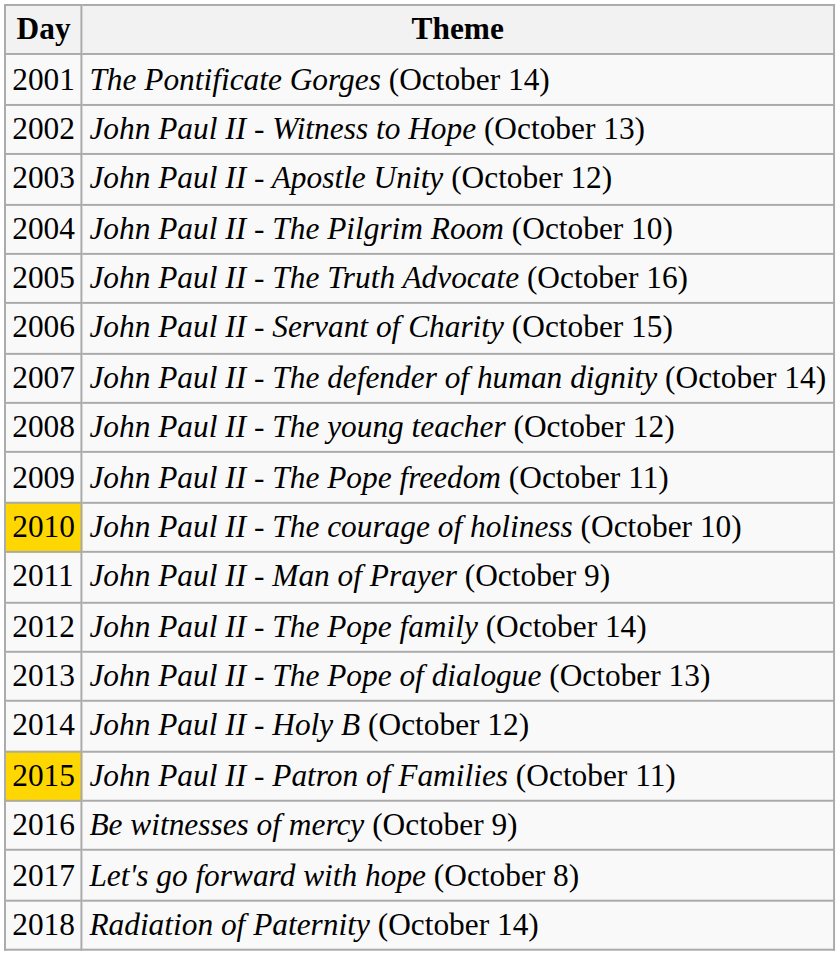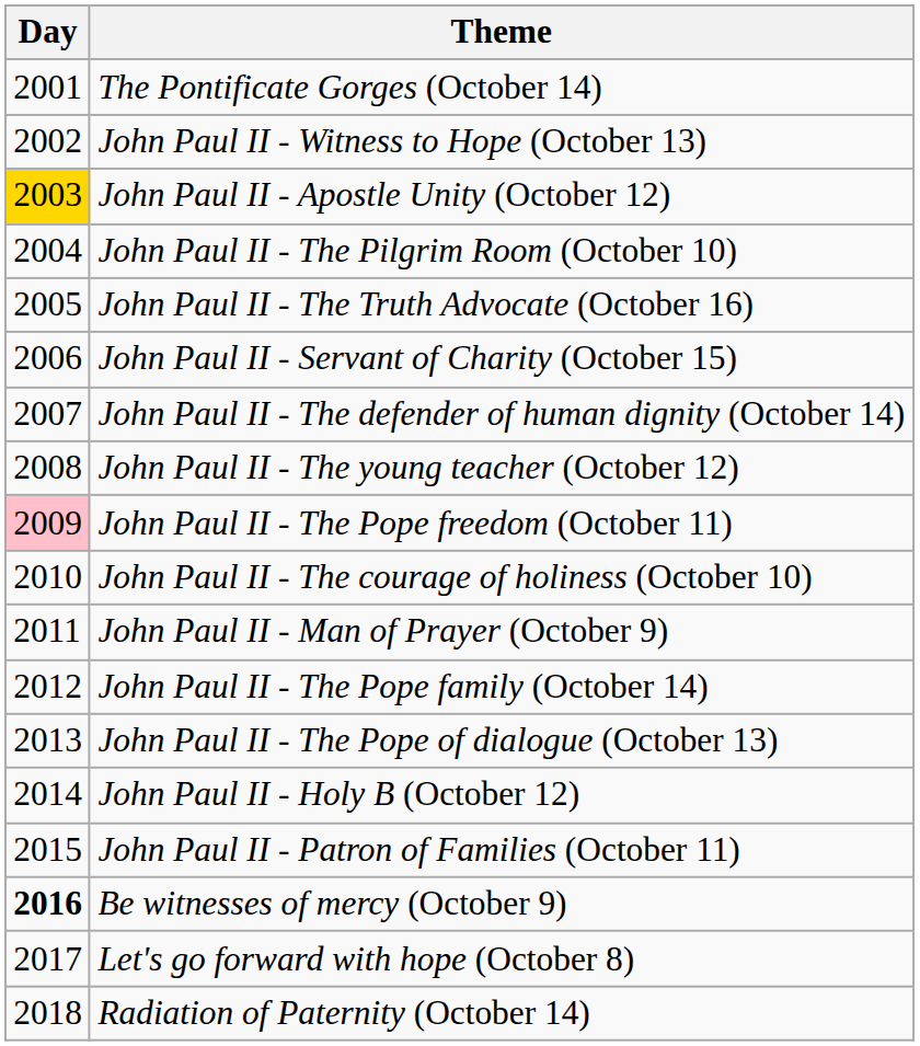 <table class="wikitable">
 <tr>
 <th>Day</th>
 <th>Theme</th>
 </tr>
 <tr>
 <td>2001</td>
 <td><em>The Pontificate Gorges</em> (October 14)</td>
 </tr>
 <tr>
 <td>2002</td>
 <td><em>John Paul II - Witness to Hope</em> (October 13)</td>
 </tr>
 <tr>
-<td>2003</td>
+<td style="background: gold;">2003</td>
 <td><em>John Paul II - Apostle Unity</em> (October 12)</td>
 </tr>
 <tr>
 <td>2004</td>
 <td><em>John Paul II - The Pilgrim Room</em> (October 10)</td>
 </tr>
 <tr>
 <td>2005</td>
 <td><em>John Paul II - The Truth Advocate</em> (October 16)</td>
 </tr>
 <tr>
 <td>2006</td>
 <td><em>John Paul II - Servant of Charity</em> (October 15)</td>
 </tr>
 <tr>
 <td>2007</td>
 <td><em>John Paul II - The defender of human dignity</em> (October 14)</td>
 </tr>
 <tr>
 <td>2008</td>
 <td><em>John Paul II - The young teacher</em> (October 12)</td>
 </tr>
 <tr>
-<td>2009</td>
+<td style="background: pink;">2009</td>
 <td><em>John Paul II - The Pope freedom</em> (October 11)</td>
 </tr>
 <tr>
-<td style="background: gold;">2010</td>
+<td>2010</td>
 <td><em>John Paul II - The courage of holiness</em> (October 10)</td>
 </tr>
 <tr>
 <td>2011</td>
 <td><em>John Paul II - Man of Prayer</em> (October 9)</td>
 </tr>
 <tr>
 <td>2012</td>
 <td><em>John Paul II - The Pope family</em> (October 14)</td>
 </tr>
 <tr>
 <td>2013</td>
 <td><em>John Paul II - The Pope of dialogue</em> (October 13)</td>
 </tr>
 <tr>
 <td>2014</td>
 <td><em>John Paul II - Holy B</em> (October 12)</td>
 </tr>
 <tr>
-<td style="background: gold;">2015</td>
+<td>2015</td>
 <td><em>John Paul II - Patron of Families</em> (October 11)</td>
 </tr>
 <tr>
-<td>2016</td>
+<td><strong>2016</strong></td>
 <td><em>Be witnesses of mercy</em> (October 9)</td>
 </tr>
 <tr>
 <td>2017</td>
 <td><em>Let's go forward with hope</em> (October 8)</td>
 </tr>
 <tr>
 <td>2018</td>
 <td><em>Radiation of Paternity</em> (October 14)</td>
 </tr>
 </table>
